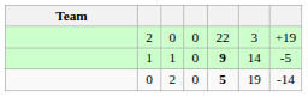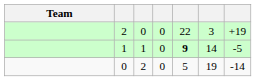 <table class="wikitable" style="text-align:center;">
 <tr>
 <th width=150>Team</th>
 <th width=20></th>
 <th width=20></th>
 <th width=20></th>
 <th width=30></th>
 <th width=30></th>
 <th width=30></th>
 </tr>
 <tr bgcolor="#ccffcc">
 <td align="left"></td>
 <td>2</td>
 <td>0</td>
 <td>0</td>
 <td>22</td>
 <td>3</td>
 <td>+19</td>
 </tr>
 <tr bgcolor="#ccffcc">
 <td align="left"></td>
 <td>1</td>
 <td>1</td>
 <td>0</td>
 <td><strong>9</strong></td>
 <td>14</td>
 <td>-5</td>
 </tr>
 <tr bgcolor=>
 <td align="left"></td>
 <td>0</td>
 <td>2</td>
 <td>0</td>
-<td><strong>5</strong></td>
+<td>5</td>
 <td>19</td>
 <td>-14</td>
 </tr>
 </table>
